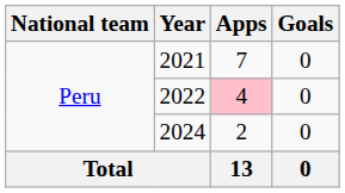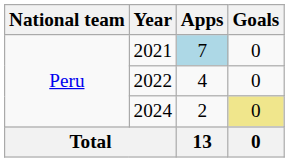 <table class="wikitable" style="text-align: center;">
 <tr>
 <th>National team</th>
 <th>Year</th>
 <th>Apps</th>
 <th>Goals</th>
 </tr>
 <tr>
 <td rowspan="3" valign="center"><a href='#'>Peru</a></td>
 <td>2021</td>
-<td>7</td>
+<td style="background: lightblue;">7</td>
 <td>0</td>
 </tr>
 <tr>
 <td>2022</td>
-<td style="background: pink;">4</td>
+<td>4</td>
 <td>0</td>
 </tr>
 <tr>
 <td>2024</td>
 <td>2</td>
-<td>0</td>
+<td style="background: khaki;">0</td>
 </tr>
 <tr>
 <th colspan="2">Total</th>
 <th>13</th>
 <th>0</th>
 </tr>
 </table>
